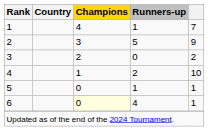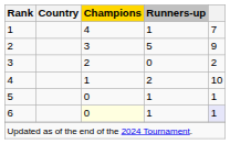 <table class="wikitable sortable defaultcenter col2left">
 <tr>
 <th>Rank</th>
 <th>Country</th>
 <th style="background-color:gold;">Champions</th>
 <th style="background-color:silver;">Runners-up</th>
 <th></th>
 </tr>
 <tr>
 <td>1</td>
 <td></td>
 <td>4</td>
 <td>1</td>
 <td>7</td>
 </tr>
 <tr>
 <td>2</td>
 <td></td>
 <td>3</td>
 <td>5</td>
 <td>9</td>
 </tr>
 <tr>
 <td>3</td>
 <td></td>
 <td>2</td>
 <td>0</td>
 <td>2</td>
 </tr>
 <tr>
 <td>4</td>
 <td></td>
 <td>1</td>
 <td>2</td>
 <td>10</td>
 </tr>
 <tr>
 <td>5</td>
 <td></td>
 <td>0</td>
 <td>1</td>
 <td>1</td>
 </tr>
 <tr>
 <td>6</td>
 <td></td>
 <td style="background: lightyellow;">0</td>
-<td>4</td>
 <td>1</td>
+<td style="background: lavender;">1</td>
 </tr>
 <tr>
 </tr>
 <tr class=sortbottom>
 <td colspan=5 style="text-align:left;"><small>Updated as of the end of the <a href='#'>2024 Tournament</a>.<br></small></td>
 </tr>
 </table>
